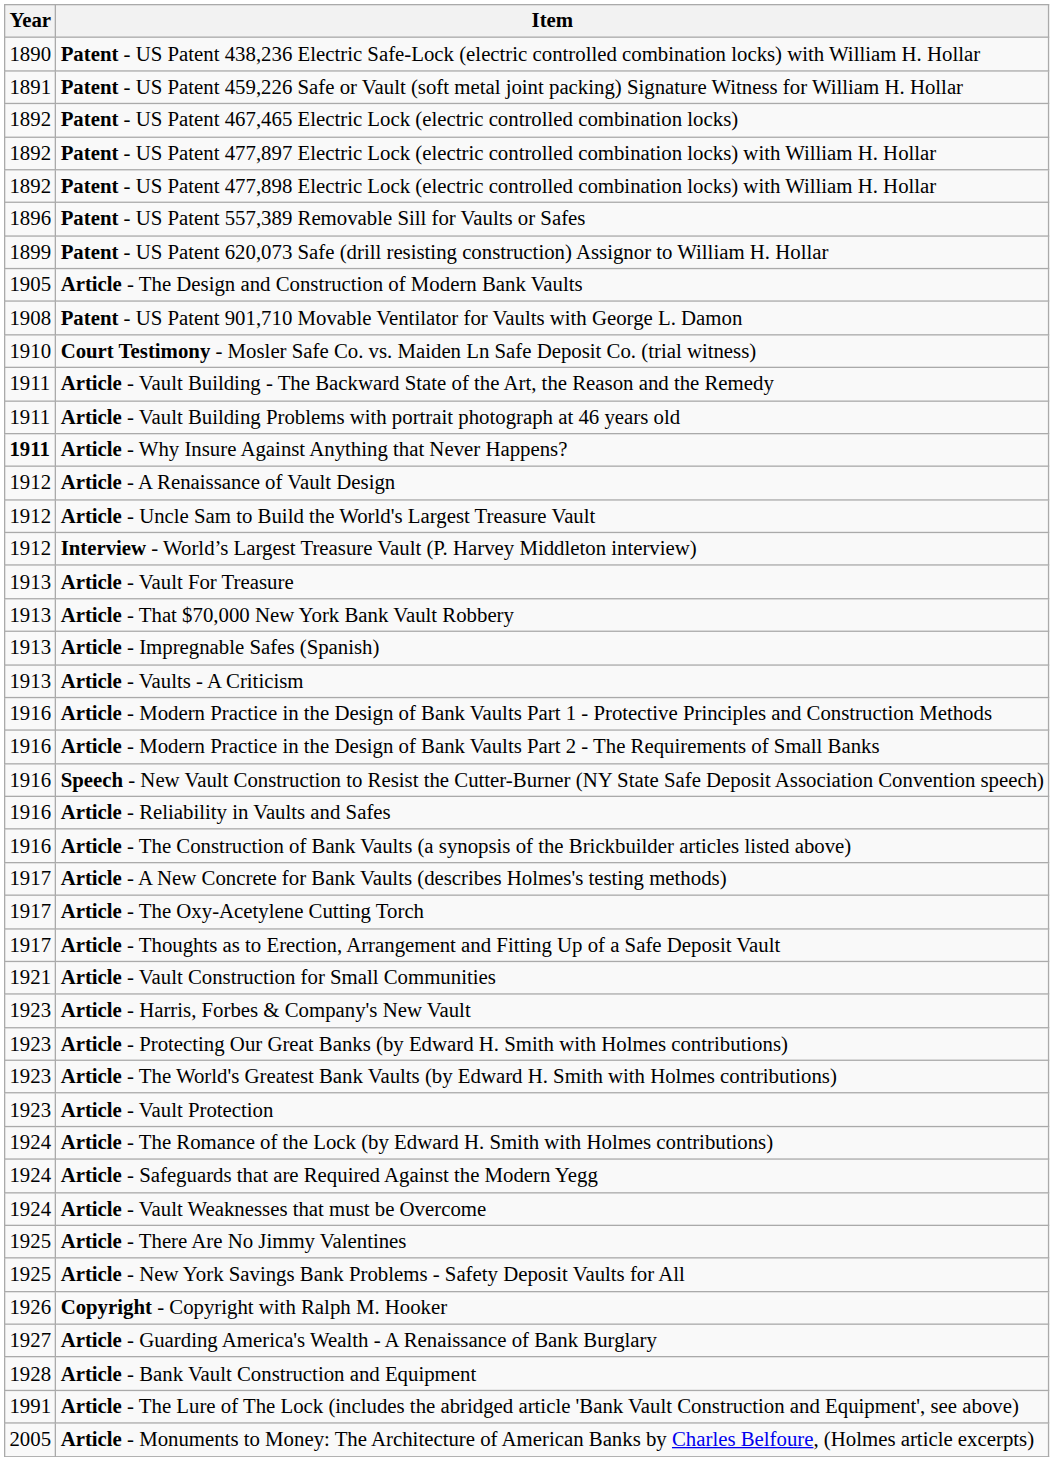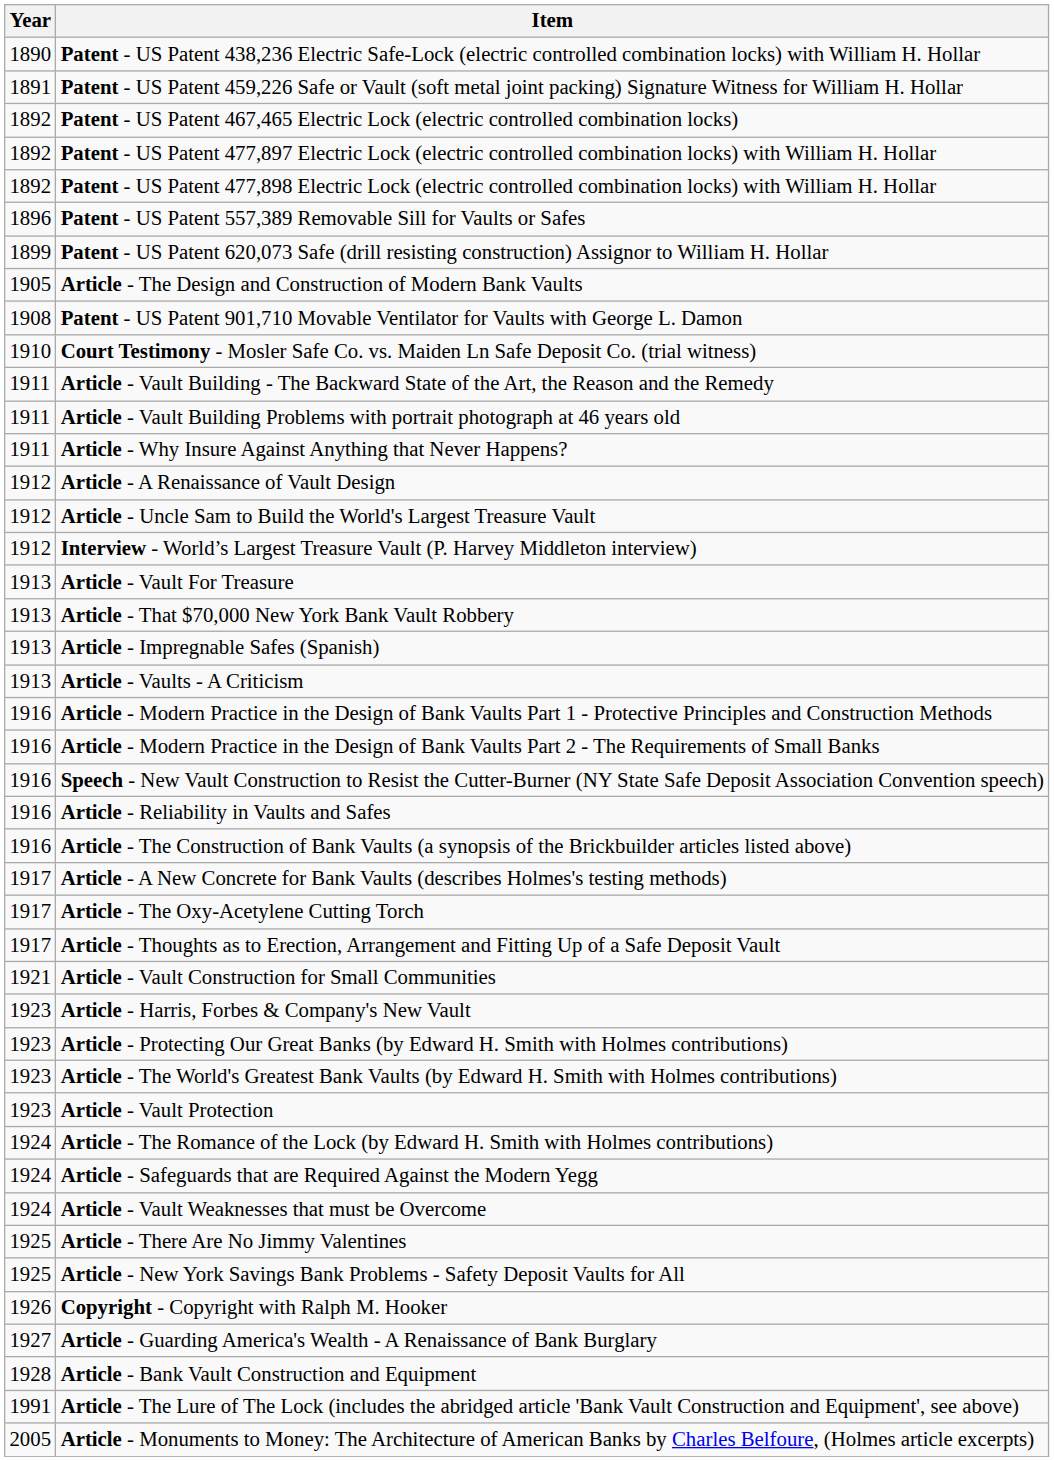 <table class="wikitable">
 <tr>
 <th>Year</th>
 <th>Item</th>
 </tr>
 <tr>
 <td>1890</td>
 <td><strong>Patent</strong> - US Patent 438,236 Electric Safe-Lock (electric controlled combination locks) with William H. Hollar</td>
 </tr>
 <tr>
 <td>1891</td>
 <td><strong>Patent</strong> - US Patent 459,226 Safe or Vault (soft metal joint packing) Signature Witness for William H. Hollar</td>
 </tr>
 <tr>
 <td>1892</td>
 <td><strong>Patent</strong> - US Patent 467,465 Electric Lock (electric controlled combination locks)</td>
 </tr>
 <tr>
 <td>1892</td>
 <td><strong>Patent</strong> - US Patent 477,897 Electric Lock (electric controlled combination locks) with William H. Hollar</td>
 </tr>
 <tr>
 <td>1892</td>
 <td><strong>Patent</strong> - US Patent 477,898 Electric Lock (electric controlled combination locks) with William H. Hollar</td>
 </tr>
 <tr>
 <td>1896</td>
 <td><strong>Patent</strong> - US Patent 557,389 Removable Sill for Vaults or Safes</td>
 </tr>
 <tr>
 <td>1899</td>
 <td><strong>Patent</strong> - US Patent 620,073 Safe (drill resisting construction) Assignor to William H. Hollar</td>
 </tr>
 <tr>
 <td>1905</td>
 <td><strong>Article</strong> - The Design and Construction of Modern Bank Vaults</td>
 </tr>
 <tr>
 <td>1908</td>
 <td><strong>Patent</strong> - US Patent 901,710 Movable Ventilator for Vaults with George L. Damon</td>
 </tr>
 <tr>
 <td>1910</td>
 <td><strong>Court Testimony</strong> - Mosler Safe Co. vs. Maiden Ln Safe Deposit Co. (trial witness)</td>
 </tr>
 <tr>
 <td>1911</td>
 <td><strong>Article</strong> - Vault Building - The Backward State of the Art, the Reason and the Remedy</td>
 </tr>
 <tr>
 <td>1911</td>
 <td><strong>Article</strong> - Vault Building Problems with portrait photograph at 46 years old</td>
 </tr>
 <tr>
-<td><strong>1911</strong></td>
+<td>1911</td>
 <td><strong>Article</strong> - Why Insure Against Anything that Never Happens?</td>
 </tr>
 <tr>
 <td>1912</td>
 <td><strong>Article</strong> - A Renaissance of Vault Design</td>
 </tr>
 <tr>
 <td>1912</td>
 <td><strong>Article</strong> - Uncle Sam to Build the World's Largest Treasure Vault</td>
 </tr>
 <tr>
 <td>1912</td>
 <td><strong>Interview</strong> - World’s Largest Treasure Vault (P. Harvey Middleton interview)</td>
 </tr>
 <tr>
 <td>1913</td>
 <td><strong>Article</strong> - Vault For Treasure</td>
 </tr>
 <tr>
 <td>1913</td>
 <td><strong>Article</strong> - That $70,000 New York Bank Vault Robbery</td>
 </tr>
 <tr>
 <td>1913</td>
 <td><strong>Article</strong> - Impregnable Safes (Spanish)</td>
 </tr>
 <tr>
 <td>1913</td>
 <td><strong>Article</strong> - Vaults - A Criticism</td>
 </tr>
 <tr>
 <td>1916</td>
 <td><strong>Article</strong> - Modern Practice in the Design of Bank Vaults Part 1 - Protective Principles and Construction Methods</td>
 </tr>
 <tr>
 <td>1916</td>
 <td><strong>Article</strong> - Modern Practice in the Design of Bank Vaults Part 2 - The Requirements of Small Banks</td>
 </tr>
 <tr>
 <td>1916</td>
 <td><strong>Speech</strong> - New Vault Construction to Resist the Cutter-Burner (NY State Safe Deposit Association Convention speech)</td>
 </tr>
 <tr>
 <td>1916</td>
 <td><strong>Article</strong> - Reliability in Vaults and Safes</td>
 </tr>
 <tr>
 <td>1916</td>
 <td><strong>Article</strong> - The Construction of Bank Vaults (a synopsis of the Brickbuilder articles listed above)</td>
 </tr>
 <tr>
 <td>1917</td>
 <td><strong>Article</strong> - A New Concrete for Bank Vaults (describes Holmes's testing methods)</td>
 </tr>
 <tr>
 <td>1917</td>
 <td><strong>Article</strong> - The Oxy-Acetylene Cutting Torch</td>
 </tr>
 <tr>
 <td>1917</td>
 <td><strong>Article</strong> - Thoughts as to Erection, Arrangement and Fitting Up of a Safe Deposit Vault</td>
 </tr>
 <tr>
 <td>1921</td>
 <td><strong>Article</strong> - Vault Construction for Small Communities</td>
 </tr>
 <tr>
 <td>1923</td>
 <td><strong>Article</strong> - Harris, Forbes & Company's New Vault</td>
 </tr>
 <tr>
 <td>1923</td>
 <td><strong>Article</strong> - Protecting Our Great Banks (by Edward H. Smith with Holmes contributions)</td>
 </tr>
 <tr>
 <td>1923</td>
 <td><strong>Article</strong> - The World's Greatest Bank Vaults (by Edward H. Smith with Holmes contributions)</td>
 </tr>
 <tr>
 <td>1923</td>
 <td><strong>Article</strong> - Vault Protection</td>
 </tr>
 <tr>
 <td>1924</td>
 <td><strong>Article</strong> - The Romance of the Lock (by Edward H. Smith with Holmes contributions)</td>
 </tr>
 <tr>
 <td>1924</td>
 <td><strong>Article</strong> - Safeguards that are Required Against the Modern Yegg</td>
 </tr>
 <tr>
 <td>1924</td>
 <td><strong>Article</strong> - Vault Weaknesses that must be Overcome</td>
 </tr>
 <tr>
 <td>1925</td>
 <td><strong>Article</strong> - There Are No Jimmy Valentines</td>
 </tr>
 <tr>
 <td>1925</td>
 <td><strong>Article</strong> - New York Savings Bank Problems - Safety Deposit Vaults for All</td>
 </tr>
 <tr>
 <td>1926</td>
 <td><strong>Copyright</strong> - Copyright with Ralph M. Hooker</td>
 </tr>
 <tr>
 <td>1927</td>
 <td><strong>Article</strong> - Guarding America's Wealth - A Renaissance of Bank Burglary</td>
 </tr>
 <tr>
 <td>1928</td>
 <td><strong>Article</strong> - Bank Vault Construction and Equipment</td>
 </tr>
 <tr>
 <td>1991</td>
 <td><strong>Article</strong> - The Lure of The Lock (includes the abridged article 'Bank Vault Construction and Equipment', see above)</td>
 </tr>
 <tr>
 <td>2005</td>
 <td><strong>Article</strong> - Monuments to Money: The Architecture of American Banks by <a href='#'>Charles Belfoure</a>, (Holmes article excerpts)</td>
 </tr>
 </table>
